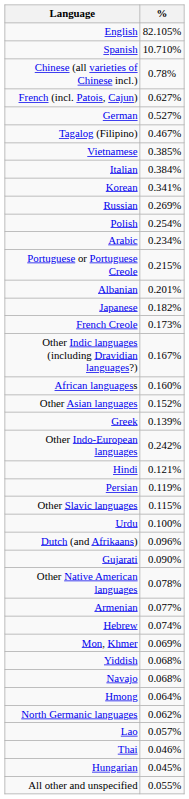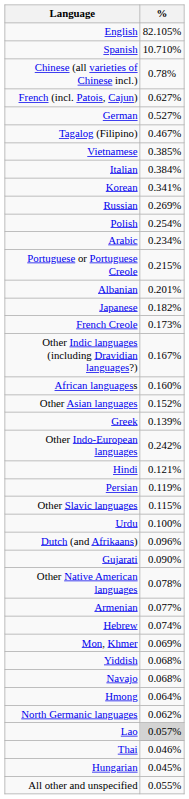 <table class="wikitable floatright" style="font-size: 90%; border: 1px solid #999; float: right; margin-left: 1em; width: 240px; text-align: right;">
 <tr>
 <th scope="col">Language</th>
 <th scope="col">%</th>
 </tr>
 <tr>
 <td><a href='#'>English</a></td>
 <td>82.105%</td>
 </tr>
 <tr>
 <td><a href='#'>Spanish</a></td>
 <td>10.710%</td>
 </tr>
 <tr>
 <td><a href='#'>Chinese</a> (all <a href='#'>varieties of Chinese</a> incl.)</td>
 <td>0.78%  </td>
 </tr>
 <tr>
 <td><a href='#'>French</a> (incl. <a href='#'>Patois</a>, <a href='#'>Cajun</a>)</td>
 <td>0.627%</td>
 </tr>
 <tr>
 <td><a href='#'>German</a></td>
 <td>0.527%</td>
 </tr>
 <tr>
 <td><a href='#'>Tagalog</a> (Filipino)</td>
 <td>0.467%</td>
 </tr>
 <tr>
 <td><a href='#'>Vietnamese</a></td>
 <td>0.385%</td>
 </tr>
 <tr>
 <td><a href='#'>Italian</a></td>
 <td>0.384%</td>
 </tr>
 <tr>
 <td><a href='#'>Korean</a></td>
 <td>0.341%</td>
 </tr>
 <tr>
 <td><a href='#'>Russian</a></td>
 <td>0.269%</td>
 </tr>
 <tr>
 <td><a href='#'>Polish</a></td>
 <td>0.254%</td>
 </tr>
 <tr>
 <td><a href='#'>Arabic</a></td>
 <td>0.234%</td>
 </tr>
 <tr>
 <td><a href='#'>Portuguese</a> or <a href='#'>Portuguese Creole</a></td>
 <td>0.215%</td>
 </tr>
 <tr>
 <td><a href='#'>Albanian</a></td>
 <td>0.201%</td>
 </tr>
 <tr>
 <td><a href='#'>Japanese</a></td>
 <td>0.182%</td>
 </tr>
 <tr>
 <td><a href='#'>French Creole</a></td>
 <td>0.173%</td>
 </tr>
 <tr>
 <td>Other <a href='#'>Indic languages</a> (including <a href='#'>Dravidian languages</a>?)</td>
 <td>0.167%</td>
 </tr>
 <tr>
 <td><a href='#'>African languages</a>s</td>
 <td>0.160%</td>
 </tr>
 <tr>
 <td>Other <a href='#'>Asian languages</a></td>
 <td>0.152%</td>
 </tr>
 <tr>
 <td><a href='#'>Greek</a></td>
 <td>0.139%</td>
 </tr>
 <tr>
 <td>Other <a href='#'>Indo-European languages</a></td>
 <td>0.242%</td>
 </tr>
 <tr>
 <td><a href='#'>Hindi</a></td>
 <td>0.121%</td>
 </tr>
 <tr>
 <td><a href='#'>Persian</a></td>
 <td>0.119%</td>
 </tr>
 <tr>
 <td>Other <a href='#'>Slavic languages</a></td>
 <td>0.115%</td>
 </tr>
 <tr>
 <td><a href='#'>Urdu</a></td>
 <td>0.100%</td>
 </tr>
 <tr>
 <td><a href='#'>Dutch</a> (and <a href='#'>Afrikaans</a>)</td>
 <td>0.096%</td>
 </tr>
 <tr>
 <td><a href='#'>Gujarati</a></td>
 <td>0.090%</td>
 </tr>
 <tr>
 <td>Other <a href='#'>Native American languages</a></td>
 <td>0.078%</td>
 </tr>
 <tr>
 <td><a href='#'>Armenian</a></td>
 <td>0.077%</td>
 </tr>
 <tr>
 <td><a href='#'>Hebrew</a></td>
 <td>0.074%</td>
 </tr>
 <tr>
 <td><a href='#'>Mon</a>, <a href='#'>Khmer</a></td>
 <td>0.069%</td>
 </tr>
 <tr>
 <td><a href='#'>Yiddish</a></td>
 <td>0.068%</td>
 </tr>
 <tr>
 <td><a href='#'>Navajo</a></td>
 <td>0.068%</td>
 </tr>
 <tr>
 <td><a href='#'>Hmong</a></td>
 <td>0.064%</td>
 </tr>
 <tr>
 <td><a href='#'>North Germanic languages</a></td>
 <td>0.062%</td>
 </tr>
 <tr>
 <td><a href='#'>Lao</a></td>
-<td>0.057%</td>
+<td style="background: lightgrey;">0.057%</td>
 </tr>
 <tr>
 <td><a href='#'>Thai</a></td>
 <td>0.046%</td>
 </tr>
 <tr>
 <td><a href='#'>Hungarian</a></td>
 <td>0.045%</td>
 </tr>
 <tr>
 <td>All other and unspecified</td>
 <td>0.055%</td>
 </tr>
 </table>
